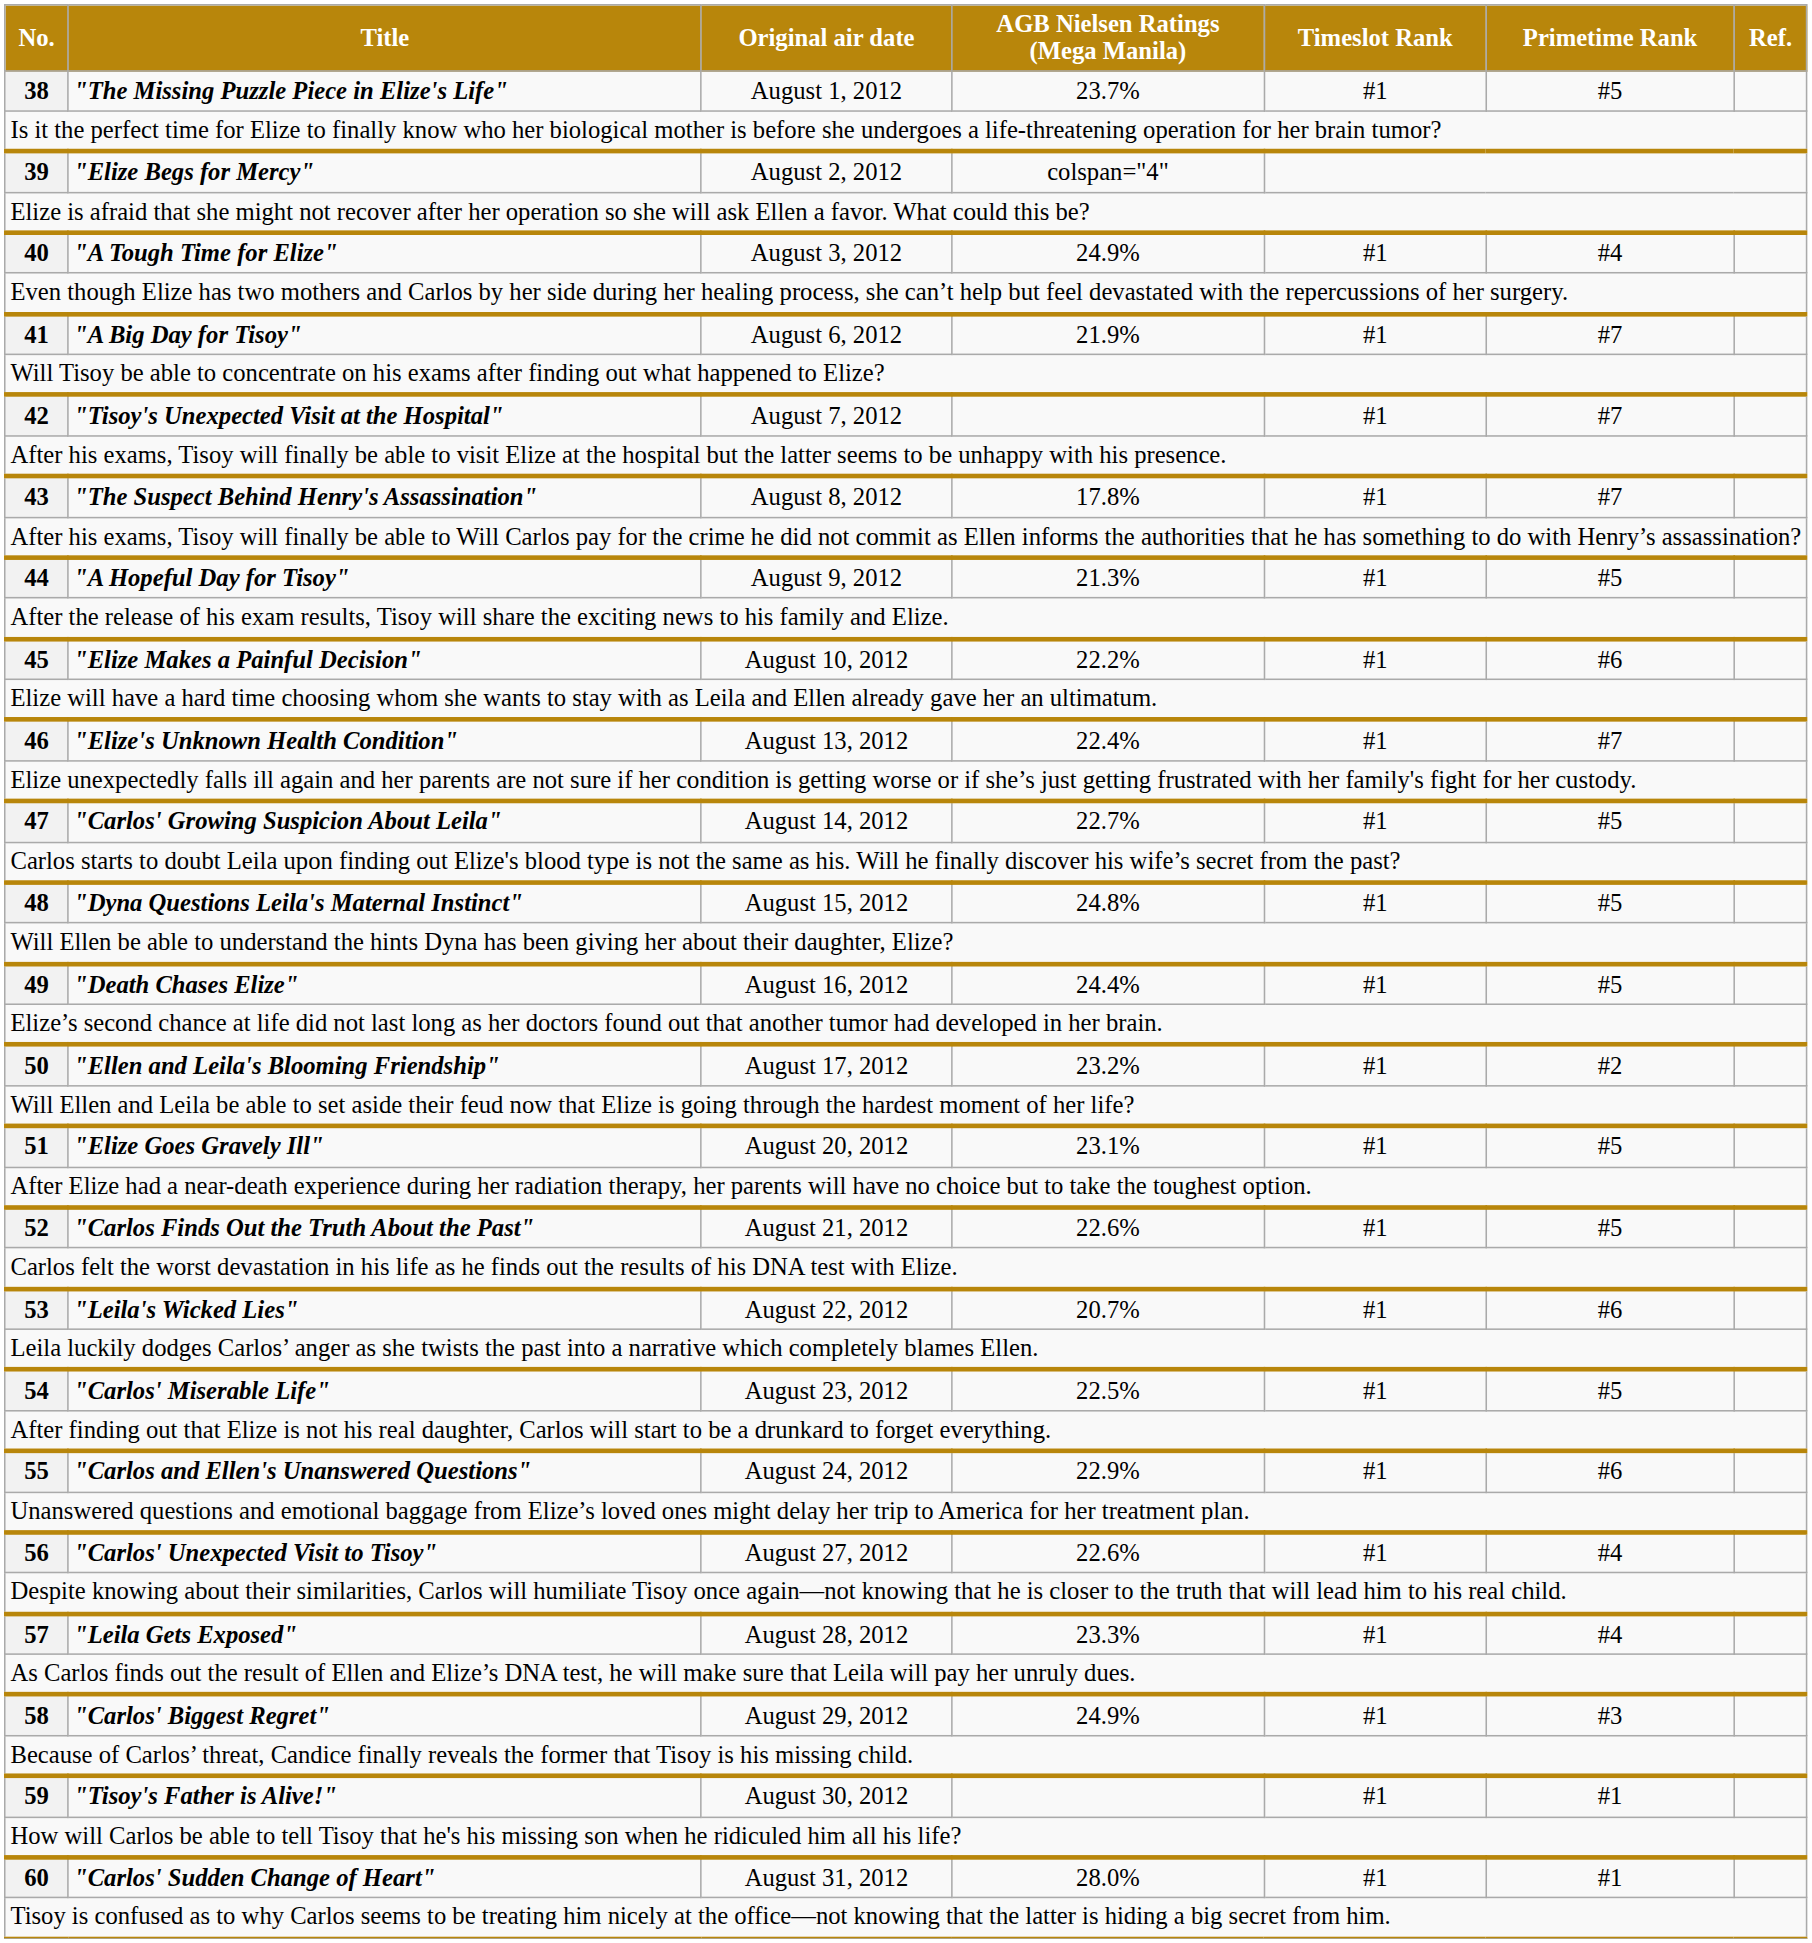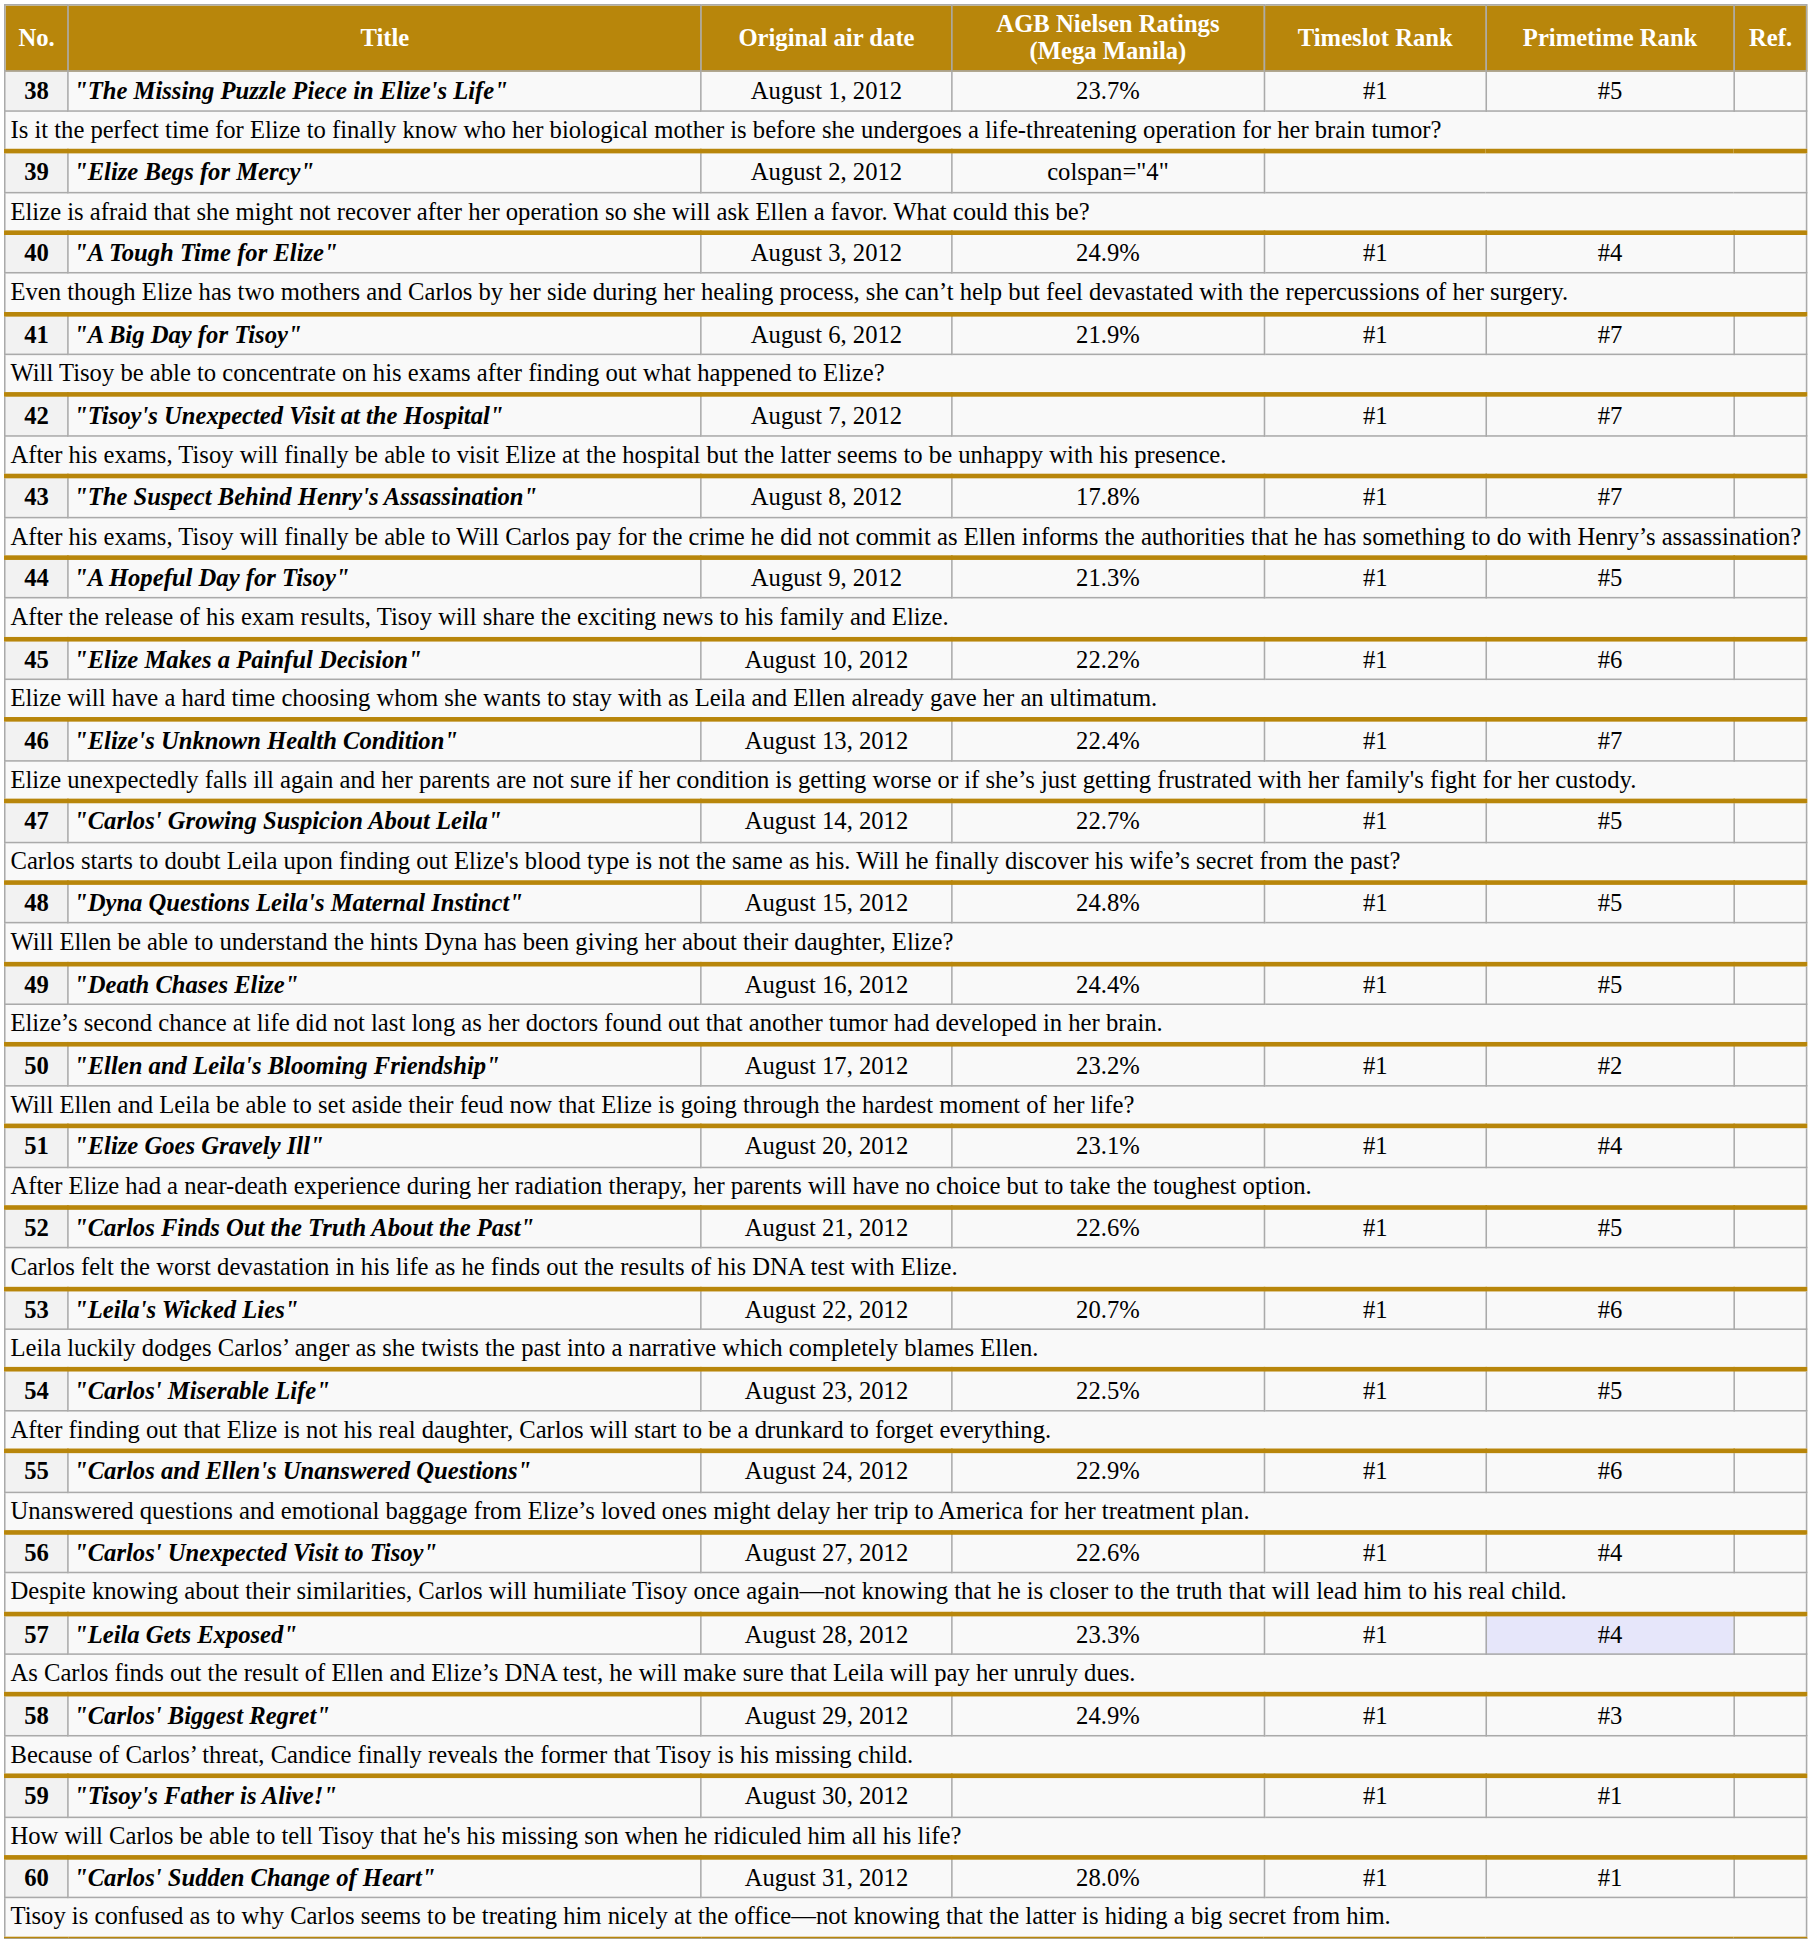 <table class="wikitable" style="text-align:center">
 <tr>
 <th style="background:#B8860B; color:#ffffff">No.</th>
 <th style="background:#B8860B; color:#ffffff">Title</th>
 <th style="background:#B8860B; color:#ffffff">Original air date</th>
 <th style="background:#B8860B; color:#ffffff">AGB Nielsen Ratings<br>(Mega Manila)</th>
 <th style="background:#B8860B; color:#ffffff">Timeslot Rank</th>
 <th style="background:#B8860B; color:#ffffff">Primetime Rank</th>
 <th style="background:#B8860B; color:#ffffff">Ref.</th>
 </tr>
 <tr>
 <th>38</th>
 <td align="left"><strong><em>"The Missing Puzzle Piece in Elize's Life"</em></strong></td>
 <td>August 1, 2012</td>
 <td>23.7%</td>
 <td>#1</td>
 <td>#5</td>
 <td></td>
 </tr>
 <tr>
 <td colspan = "7" style="text-align: left; border-bottom: 3px solid #B8860B;">Is it the perfect time for Elize to finally know who her biological mother is before she undergoes a life-threatening operation for her brain tumor?</td>
 </tr>
 <tr>
 <th>39</th>
 <td align="left"><strong><em>"Elize Begs for Mercy"</em></strong></td>
 <td>August 2, 2012</td>
 <td>colspan="4" </td>
 </tr>
 <tr>
 <td colspan = "7" style="text-align: left; border-bottom: 3px solid #B8860B;">Elize is afraid that she might not recover after her operation so she will ask Ellen a favor. What could this be?</td>
 </tr>
 <tr>
 <th>40</th>
 <td align="left"><strong><em>"A Tough Time for Elize"</em></strong></td>
 <td>August 3, 2012</td>
 <td>24.9%</td>
 <td>#1</td>
 <td>#4</td>
 <td></td>
 </tr>
 <tr>
 <td colspan = "7" style="text-align: left; border-bottom: 3px solid #B8860B;">Even though Elize has two mothers and Carlos by her side during her healing process, she can’t help but feel devastated with the repercussions of her surgery.</td>
 </tr>
 <tr>
 <th>41</th>
 <td align="left"><strong><em>"A Big Day for Tisoy"</em></strong></td>
 <td>August 6, 2012</td>
 <td>21.9%</td>
 <td>#1</td>
 <td>#7</td>
 <td></td>
 </tr>
 <tr>
 <td colspan = "7" style="text-align: left; border-bottom: 3px solid #B8860B;">Will Tisoy be able to concentrate on his exams after finding out what happened to Elize?</td>
 </tr>
 <tr>
 <th>42</th>
 <td align="left"><strong><em>"Tisoy's Unexpected Visit at the Hospital"</em></strong></td>
 <td>August 7, 2012</td>
 <td></td>
 <td>#1</td>
 <td>#7</td>
 <td></td>
 </tr>
 <tr>
 <td colspan = "7" style="text-align: left; border-bottom: 3px solid #B8860B;">After his exams, Tisoy will finally be able to visit Elize at the hospital but the latter seems to be unhappy with his presence.</td>
 </tr>
 <tr>
 <th>43</th>
 <td align="left"><strong><em>"The Suspect Behind Henry's Assassination"</em></strong></td>
 <td>August 8, 2012</td>
 <td>17.8%</td>
 <td>#1</td>
 <td>#7</td>
 <td></td>
 </tr>
 <tr>
 <td colspan = "7" style="text-align: left; border-bottom: 3px solid #B8860B;">After his exams, Tisoy will finally be able to Will Carlos pay for the crime he did not commit as Ellen informs the authorities that he has something to do with Henry’s assassination?</td>
 </tr>
 <tr>
 <th>44</th>
 <td align="left"><strong><em>"A Hopeful Day for Tisoy"</em></strong></td>
 <td>August 9, 2012</td>
 <td>21.3%</td>
 <td>#1</td>
 <td>#5</td>
 <td></td>
 </tr>
 <tr>
 <td colspan = "7" style="text-align: left; border-bottom: 3px solid #B8860B;">After the release of his exam results, Tisoy will share the exciting news to his family and Elize.</td>
 </tr>
 <tr>
 <th>45</th>
 <td align="left"><strong><em>"Elize Makes a Painful Decision"</em></strong></td>
 <td>August 10, 2012</td>
 <td>22.2%</td>
 <td>#1</td>
 <td>#6</td>
 <td></td>
 </tr>
 <tr>
 <td colspan = "7" style="text-align: left; border-bottom: 3px solid #B8860B;">Elize will have a hard time choosing whom she wants to stay with as Leila and Ellen already gave her an ultimatum.</td>
 </tr>
 <tr>
 <th>46</th>
 <td align="left"><strong><em>"Elize's Unknown Health Condition"</em></strong></td>
 <td>August 13, 2012</td>
 <td>22.4%</td>
 <td>#1</td>
 <td>#7</td>
 <td></td>
 </tr>
 <tr>
 <td colspan = "7" style="text-align: left; border-bottom: 3px solid #B8860B;">Elize unexpectedly falls ill again and her parents are not sure if her condition is getting worse or if she’s just getting frustrated with her family's fight for her custody.</td>
 </tr>
 <tr>
 <th>47</th>
 <td align="left"><strong><em>"Carlos' Growing Suspicion About Leila"</em></strong></td>
 <td>August 14, 2012</td>
 <td>22.7%</td>
 <td>#1</td>
 <td>#5</td>
 <td></td>
 </tr>
 <tr>
 <td colspan = "7" style="text-align: left; border-bottom: 3px solid #B8860B;">Carlos starts to doubt Leila upon finding out Elize's blood type is not the same as his. Will he finally discover his wife’s secret from the past?</td>
 </tr>
 <tr>
 <th>48</th>
 <td align="left"><strong><em>"Dyna Questions Leila's Maternal Instinct"</em></strong></td>
 <td>August 15, 2012</td>
 <td>24.8%</td>
 <td>#1</td>
 <td>#5</td>
 <td></td>
 </tr>
 <tr>
 <td colspan = "7" style="text-align: left; border-bottom: 3px solid #B8860B;">Will Ellen be able to understand the hints Dyna has been giving her about their daughter, Elize?</td>
 </tr>
 <tr>
 <th>49</th>
 <td align="left"><strong><em>"Death Chases Elize"</em></strong></td>
 <td>August 16, 2012</td>
 <td>24.4%</td>
 <td>#1</td>
 <td>#5</td>
 <td></td>
 </tr>
 <tr>
 <td colspan = "7" style="text-align: left; border-bottom: 3px solid #B8860B;">Elize’s second chance at life did not last long as her doctors found out that another tumor had developed in her brain.</td>
 </tr>
 <tr>
 <th>50</th>
 <td align="left"><strong><em>"Ellen and Leila's Blooming Friendship"</em></strong></td>
 <td>August 17, 2012</td>
 <td>23.2%</td>
 <td>#1</td>
 <td>#2</td>
 <td></td>
 </tr>
 <tr>
 <td colspan = "7" style="text-align: left; border-bottom: 3px solid #B8860B;">Will Ellen and Leila be able to set aside their feud now that Elize is going through the hardest moment of her life?</td>
 </tr>
 <tr>
 <th>51</th>
 <td align="left"><strong><em>"Elize Goes Gravely Ill"</em></strong></td>
 <td>August 20, 2012</td>
 <td>23.1%</td>
 <td>#1</td>
-<td>#5</td>
+<td>#4</td>
 <td></td>
 </tr>
 <tr>
 <td colspan = "7" style="text-align: left; border-bottom: 3px solid #B8860B;">After Elize had a near-death experience during her radiation therapy, her parents will have no choice but to take the toughest option.</td>
 </tr>
 <tr>
 <th>52</th>
 <td align="left"><strong><em>"Carlos Finds Out the Truth About the Past"</em></strong></td>
 <td>August 21, 2012</td>
 <td>22.6%</td>
 <td>#1</td>
 <td>#5</td>
 <td></td>
 </tr>
 <tr>
 <td colspan = "7" style="text-align: left; border-bottom: 3px solid #B8860B;">Carlos felt the worst devastation in his life as he finds out the results of his DNA test with Elize.</td>
 </tr>
 <tr>
 <th>53</th>
 <td align="left"><strong><em>"Leila's Wicked Lies"</em></strong></td>
 <td>August 22, 2012</td>
 <td>20.7%</td>
 <td>#1</td>
 <td>#6</td>
 <td></td>
 </tr>
 <tr>
 <td colspan = "7" style="text-align: left; border-bottom: 3px solid #B8860B;">Leila luckily dodges Carlos’ anger as she twists the past into a narrative which completely blames Ellen.</td>
 </tr>
 <tr>
 <th>54</th>
 <td align="left"><strong><em>"Carlos' Miserable Life"</em></strong></td>
 <td>August 23, 2012</td>
 <td>22.5%</td>
 <td>#1</td>
 <td>#5</td>
 <td></td>
 </tr>
 <tr>
 <td colspan = "7" style="text-align: left; border-bottom: 3px solid #B8860B;">After finding out that Elize is not his real daughter, Carlos will start to be a drunkard to forget everything.</td>
 </tr>
 <tr>
 <th>55</th>
 <td align="left"><strong><em>"Carlos and Ellen's Unanswered Questions"</em></strong></td>
 <td>August 24, 2012</td>
 <td>22.9%</td>
 <td>#1</td>
 <td>#6</td>
 <td></td>
 </tr>
 <tr>
 <td colspan = "7" style="text-align: left; border-bottom: 3px solid #B8860B;">Unanswered questions and emotional baggage from Elize’s loved ones might delay her trip to America for her treatment plan.</td>
 </tr>
 <tr>
 <th>56</th>
 <td align="left"><strong><em>"Carlos' Unexpected Visit to Tisoy"</em></strong></td>
 <td>August 27, 2012</td>
 <td>22.6%</td>
 <td>#1</td>
 <td>#4</td>
 <td></td>
 </tr>
 <tr>
 <td colspan = "7" style="text-align: left; border-bottom: 3px solid #B8860B;">Despite knowing about their similarities, Carlos will humiliate Tisoy once again—not knowing that he is closer to the truth that will lead him to his real child.</td>
 </tr>
 <tr>
 <th>57</th>
 <td align="left"><strong><em>"Leila Gets Exposed"</em></strong></td>
 <td>August 28, 2012</td>
 <td>23.3%</td>
 <td>#1</td>
-<td>#4</td>
+<td style="background: lavender;">#4</td>
 <td></td>
 </tr>
 <tr>
 <td colspan = "7" style="text-align: left; border-bottom: 3px solid #B8860B;">As Carlos finds out the result of Ellen and Elize’s DNA test, he will make sure that Leila will pay her unruly dues.</td>
 </tr>
 <tr>
 <th>58</th>
 <td align="left"><strong><em>"Carlos' Biggest Regret"</em></strong></td>
 <td>August 29, 2012</td>
 <td>24.9%</td>
 <td>#1</td>
 <td>#3</td>
 <td></td>
 </tr>
 <tr>
 <td colspan = "7" style="text-align: left; border-bottom: 3px solid #B8860B;">Because of Carlos’ threat, Candice finally reveals the former that Tisoy is his missing child.</td>
 </tr>
 <tr>
 <th>59</th>
 <td align="left"><strong><em>"Tisoy's Father is Alive!"</em></strong></td>
 <td>August 30, 2012</td>
 <td></td>
 <td>#1</td>
 <td>#1</td>
 <td></td>
 </tr>
 <tr>
 <td colspan = "7" style="text-align: left; border-bottom: 3px solid #B8860B;">How will Carlos be able to tell Tisoy that he's his missing son when he ridiculed him all his life?</td>
 </tr>
 <tr>
 <th>60</th>
 <td align="left"><strong><em>"Carlos' Sudden Change of Heart"</em></strong></td>
 <td>August 31, 2012</td>
 <td>28.0%</td>
 <td>#1</td>
 <td>#1</td>
 <td></td>
 </tr>
 <tr>
 <td colspan = "7" style="text-align: left; border-bottom: 3px solid #B8860B;">Tisoy is confused as to why Carlos seems to be treating him nicely at the office—not knowing that the latter is hiding a big secret from him.</td>
 </tr>
 <tr>
 </tr>
 </table>
